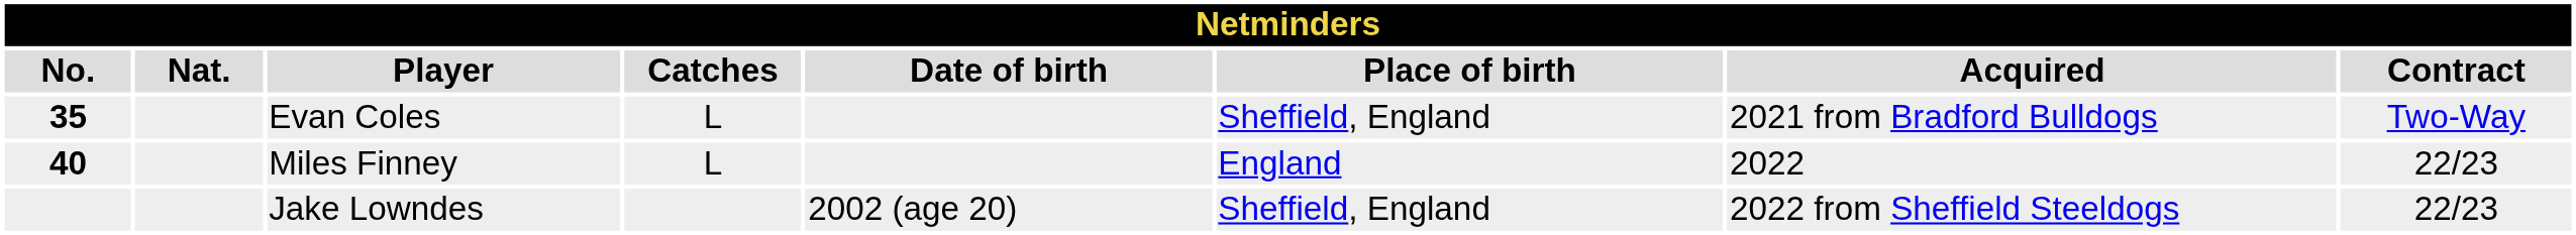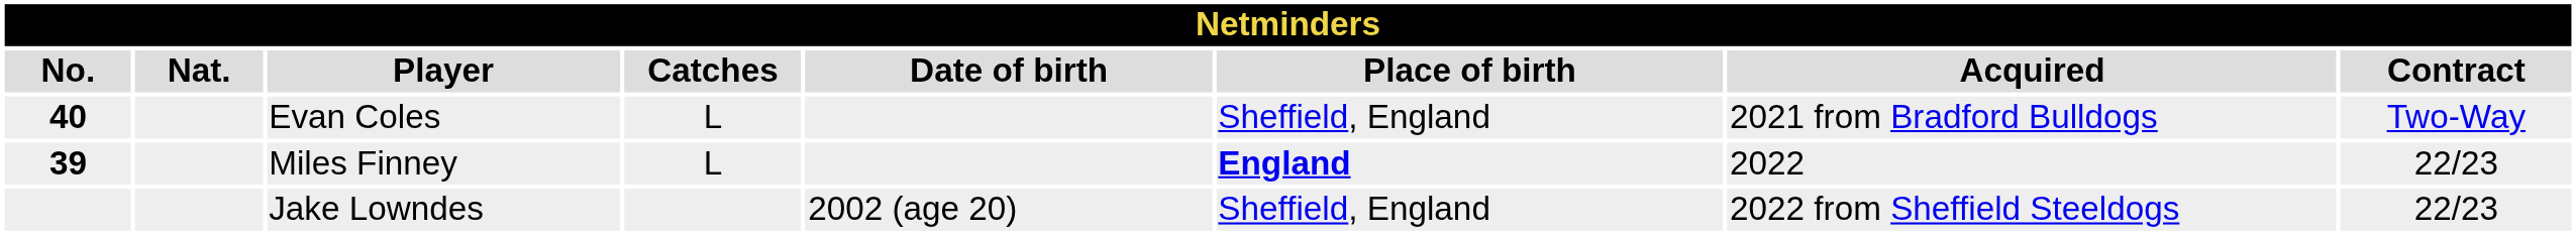 <table class="toccolours"  style="width:97%; clear:both; margin:1.5em auto; text-align:center;">
 <tr>
 <th colspan="10" style="background:black; color:#f0d648;”">Netminders</th>
 </tr>
 <tr style="background:#ddd;">
 <th width=5%>No.</th>
 <th width=5%>Nat.</th>
 <th !width=22%>Player</th>
 <th width=7%>Catches</th>
 <th width=16%>Date of birth</th>
 <th width=20%>Place of birth</th>
 <th width=24%>Acquired</th>
 <td><strong>Contract</strong></td>
 </tr>
 <tr style="background:#eee;">
-<td><strong>35</strong></td>
+<td><strong>40</strong></td>
 <td></td>
 <td align=left>Evan Coles</td>
 <td>L</td>
 <td align=left></td>
 <td align=left><a href='#'>Sheffield</a>, England</td>
 <td align=left>2021 from <a href='#'>Bradford Bulldogs</a></td>
 <td><a href='#'>Two-Way</a></td>
 </tr>
 <tr style="background:#eee;">
-<td><strong>40</strong></td>
+<td><strong>39</strong></td>
 <td></td>
 <td align=left>Miles Finney</td>
 <td>L</td>
 <td align=left></td>
-<td align=left><a href='#'>England</a></td>
+<td align=left><strong><a href='#'>England</a></strong></td>
 <td align=left>2022</td>
 <td>22/23</td>
 </tr>
 <tr style="background:#eee;">
 <td></td>
 <td></td>
 <td align=left>Jake Lowndes</td>
 <td></td>
 <td align=left>2002 (age 20)</td>
 <td align=left><a href='#'>Sheffield</a>, England</td>
 <td align=left>2022 from <a href='#'>Sheffield Steeldogs</a></td>
 <td>22/23</td>
 </tr>
 </table>
